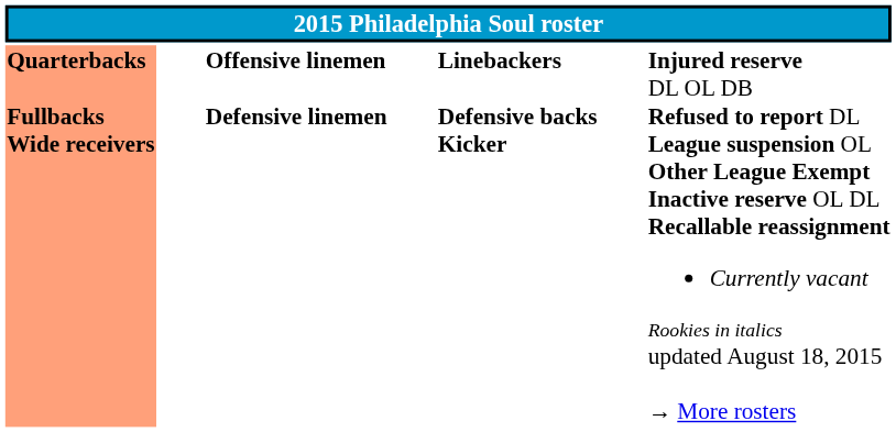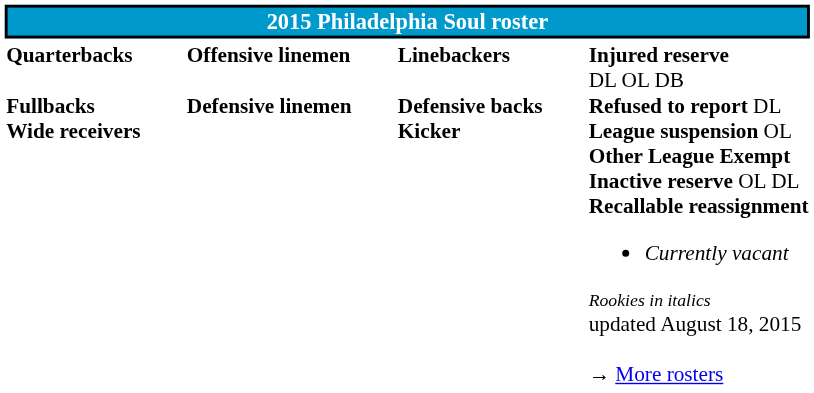 <table class="toccolours" style="text-align: left;">
 <tr>
 <th colspan=7 style="background:#09C; border: 2px solid #000; color:#fff; text-align:center;"><strong>2015 Philadelphia Soul roster</strong></th>
 </tr>
 <tr>
-<td style="background: lightsalmon; font-size: 95%;vertical-align:top;"><strong>Quarterbacks</strong><br> <br><strong>Fullbacks</strong> <br><strong>Wide receivers</strong>      </td>
+<td style="font-size: 95%;vertical-align:top;"><strong>Quarterbacks</strong><br> <br><strong>Fullbacks</strong> <br><strong>Wide receivers</strong>      </td>
 <td style="width: 25px;"></td>
 <td style="font-size: 95%;vertical-align:top;"><strong>Offensive linemen</strong><br>  <br><strong>Defensive linemen</strong>     </td>
 <td style="width: 25px;"></td>
 <td style="font-size: 95%;vertical-align:top;"><strong>Linebackers</strong><br> <br><strong>Defensive backs</strong>    <br><strong>Kicker</strong> </td>
 <td style="width: 25px;"></td>
 <td style="font-size: 95%;vertical-align:top;"><strong>Injured reserve</strong><br> DL   OL  DB<br><strong>Refused to report</strong>  DL<br><strong>League suspension</strong>   OL <br><strong>Other League Exempt</strong> <br><strong>Inactive reserve</strong>  OL  DL<br><strong>Recallable reassignment</strong><ul><li><em>Currently vacant</em></li></ul><small><em>Rookies in italics</em></small><br> <span></span> updated August 18, 2015<br> <br>→ <a href='#'>More rosters</a></td>
 </tr>
 <tr>
 </tr>
 </table>
